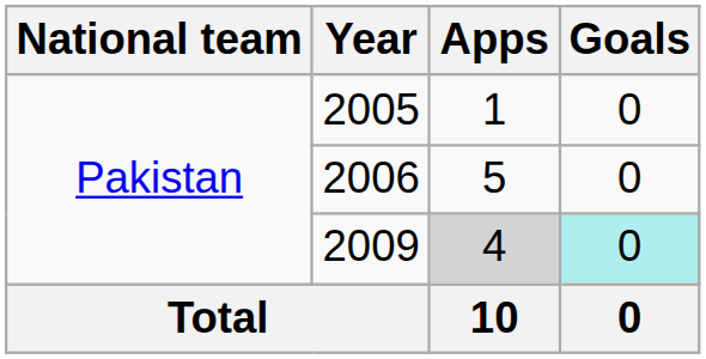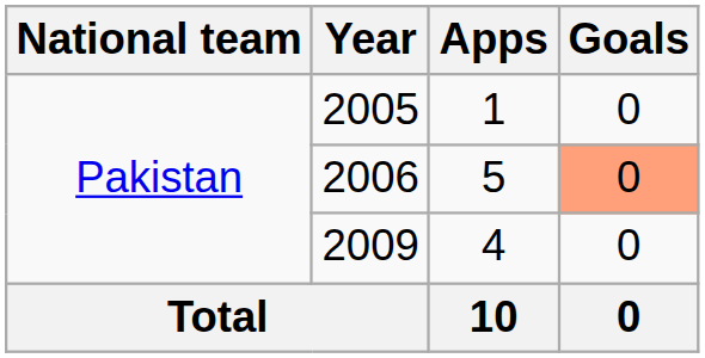 <table class="wikitable" style="text-align:center">
 <tr>
 <th>National team</th>
 <th>Year</th>
 <th>Apps</th>
 <th>Goals</th>
 </tr>
 <tr>
 <td rowspan="3"><a href='#'>Pakistan</a></td>
 <td>2005</td>
 <td>1</td>
 <td>0</td>
 </tr>
 <tr>
 <td>2006</td>
 <td>5</td>
-<td>0</td>
+<td style="background: lightsalmon;">0</td>
 </tr>
 <tr>
 <td>2009</td>
-<td style="background: lightgrey;">4</td>
-<td style="background: paleturquoise;">0</td>
+<td>4</td>
+<td>0</td>
 </tr>
 <tr>
 <th colspan="2">Total</th>
 <th>10</th>
 <th>0</th>
 </tr>
 </table>
